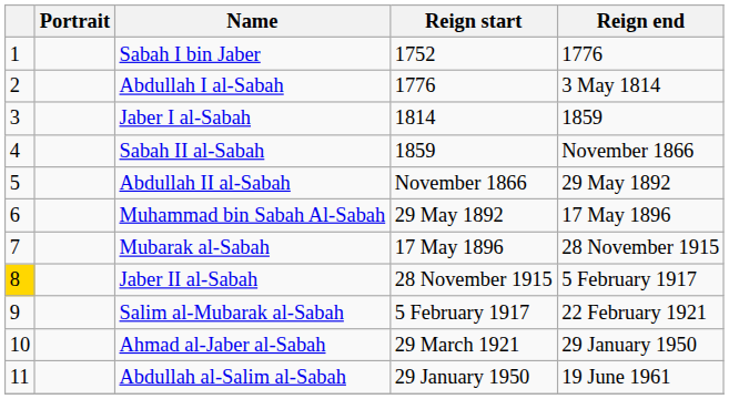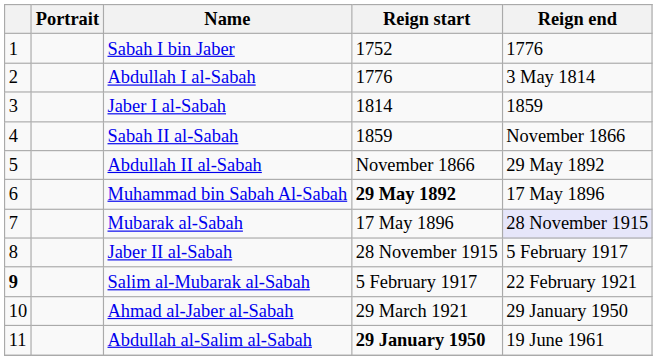 <table class="wikitable">
 <tr>
 <th></th>
 <th>Portrait</th>
 <th>Name</th>
 <th>Reign start</th>
 <th>Reign end</th>
 </tr>
 <tr>
 <td>1</td>
 <td></td>
 <td><a href='#'>Sabah I bin Jaber</a></td>
 <td>1752</td>
 <td>1776</td>
 </tr>
 <tr>
 <td>2</td>
 <td></td>
 <td><a href='#'>Abdullah I al-Sabah</a></td>
 <td>1776</td>
 <td>3 May 1814</td>
 </tr>
 <tr>
 <td>3</td>
 <td></td>
 <td><a href='#'>Jaber I al-Sabah</a></td>
 <td>1814</td>
 <td>1859</td>
 </tr>
 <tr>
 <td>4</td>
 <td></td>
 <td><a href='#'>Sabah II al-Sabah</a></td>
 <td>1859</td>
 <td>November 1866</td>
 </tr>
 <tr>
 <td>5</td>
 <td></td>
 <td><a href='#'>Abdullah II al-Sabah</a></td>
 <td>November 1866</td>
 <td>29 May 1892</td>
 </tr>
 <tr>
 <td>6</td>
 <td></td>
 <td><a href='#'>Muhammad bin Sabah Al-Sabah</a></td>
-<td>29 May 1892</td>
+<td><strong>29 May 1892</strong></td>
 <td>17 May 1896</td>
 </tr>
 <tr>
 <td>7</td>
 <td></td>
 <td><a href='#'>Mubarak al-Sabah</a></td>
 <td>17 May 1896</td>
-<td>28 November 1915</td>
+<td style="background: lavender;">28 November 1915</td>
 </tr>
 <tr>
-<td style="background: gold;">8</td>
+<td>8</td>
 <td></td>
 <td><a href='#'>Jaber II al-Sabah</a></td>
 <td>28 November 1915</td>
 <td>5 February 1917</td>
 </tr>
 <tr>
-<td>9</td>
+<td><strong>9</strong></td>
 <td></td>
 <td><a href='#'>Salim al-Mubarak al-Sabah</a></td>
 <td>5 February 1917</td>
 <td>22 February 1921</td>
 </tr>
 <tr>
 <td>10</td>
 <td></td>
 <td><a href='#'>Ahmad al-Jaber al-Sabah</a></td>
 <td>29 March 1921</td>
 <td>29 January 1950</td>
 </tr>
 <tr>
 <td>11</td>
 <td></td>
 <td><a href='#'>Abdullah al-Salim al-Sabah</a></td>
-<td>29 January 1950</td>
+<td><strong>29 January 1950</strong></td>
 <td>19 June 1961</td>
 </tr>
 <tr>
 </tr>
 </table>
